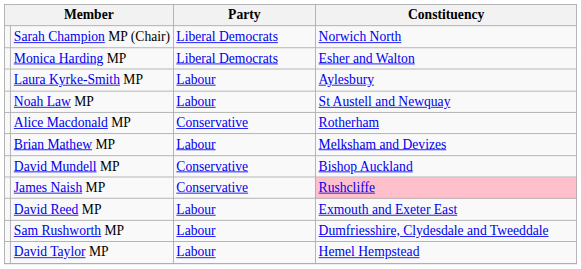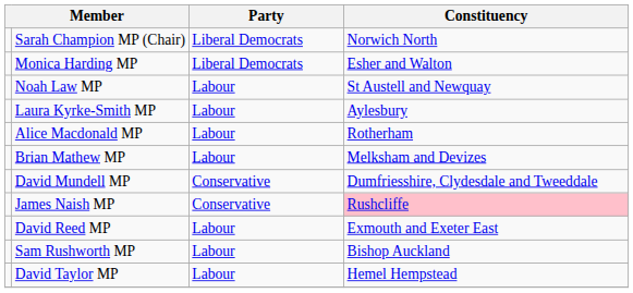 <table class="wikitable">
 <tr>
 <th colspan="2" style="width:160px; vertical-align:top;">Member</th>
 <th style="width:160px; vertical-align:top;">Party</th>
 <th style="width:300px; vertical-align:top;">Constituency</th>
 </tr>
 <tr>
 <td></td>
 <td><a href='#'>Sarah Champion</a> MP (Chair)</td>
 <td><a href='#'>Liberal Democrats</a></td>
 <td><a href='#'>Norwich North</a></td>
 </tr>
 <tr>
 <td></td>
 <td><a href='#'>Monica Harding</a> MP</td>
 <td><a href='#'>Liberal Democrats</a></td>
 <td><a href='#'>Esher and Walton</a></td>
 </tr>
 <tr>
 <td></td>
+<td><a href='#'>Noah Law</a> MP</td>
+<td><a href='#'>Labour</a></td>
+<td><a href='#'>St Austell and Newquay</a></td>
+</tr>
+<tr>
+<td></td>
 <td><a href='#'>Laura Kyrke-Smith</a> MP</td>
 <td><a href='#'>Labour</a></td>
 <td><a href='#'>Aylesbury</a></td>
 </tr>
 <tr>
 <td></td>
-<td><a href='#'>Noah Law</a> MP</td>
+<td><a href='#'>Alice Macdonald</a> MP</td>
 <td><a href='#'>Labour</a></td>
-<td><a href='#'>St Austell and Newquay</a></td>
-</tr>
-<tr>
-<td></td>
-<td><a href='#'>Alice Macdonald</a> MP</td>
-<td><a href='#'>Conservative</a></td>
 <td><a href='#'>Rotherham</a></td>
 </tr>
 <tr>
 <td></td>
 <td><a href='#'>Brian Mathew</a> MP</td>
 <td><a href='#'>Labour</a></td>
 <td><a href='#'>Melksham and Devizes</a></td>
 </tr>
 <tr>
 <td></td>
 <td><a href='#'>David Mundell</a> MP</td>
 <td><a href='#'>Conservative</a></td>
-<td><a href='#'>Bishop Auckland</a></td>
+<td><a href='#'>Dumfriesshire, Clydesdale and Tweeddale</a></td>
 </tr>
 <tr>
 <td></td>
 <td><a href='#'>James Naish</a> MP</td>
 <td><a href='#'>Conservative</a></td>
 <td style="background: pink;"><a href='#'>Rushcliffe</a></td>
 </tr>
 <tr>
 <td></td>
 <td><a href='#'>David Reed</a> MP</td>
 <td><a href='#'>Labour</a></td>
 <td><a href='#'>Exmouth and Exeter East</a></td>
 </tr>
 <tr>
 <td></td>
 <td><a href='#'>Sam Rushworth</a> MP</td>
 <td><a href='#'>Labour</a></td>
-<td><a href='#'>Dumfriesshire, Clydesdale and Tweeddale</a></td>
+<td><a href='#'>Bishop Auckland</a></td>
 </tr>
 <tr>
 <td></td>
 <td><a href='#'>David Taylor</a> MP</td>
 <td><a href='#'>Labour</a></td>
 <td><a href='#'>Hemel Hempstead</a></td>
 </tr>
 <tr>
 </tr>
 </table>
